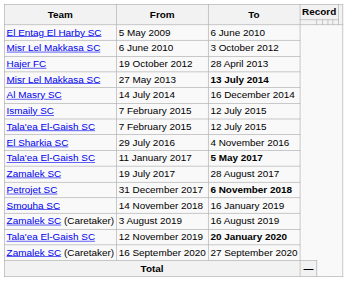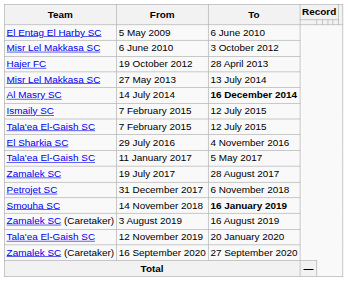 <table class=wikitable style=text-align:center>
 <tr>
 <th rowspan=2>Team</th>
 <th rowspan=2>From</th>
 <th rowspan=2>To</th>
 <th colspan=5>Record</th>
 <th rowspan=2></th>
 </tr>
 <tr>
 <th></th>
 <th></th>
 <th></th>
 <th></th>
 <th></th>
 </tr>
 <tr>
 <td align=left><a href='#'>El Entag El Harby SC</a></td>
 <td align=left>5 May 2009</td>
 <td align=left>6 June 2010<br></td>
 </tr>
 <tr>
 <td align=left><a href='#'>Misr Lel Makkasa SC</a></td>
 <td align=left>6 June 2010</td>
 <td align=left>3 October 2012<br></td>
 </tr>
 <tr>
 <td align=left><a href='#'>Hajer FC</a></td>
 <td align=left>19 October 2012</td>
 <td align=left>28 April 2013<br></td>
 </tr>
 <tr>
 <td align=left><a href='#'>Misr Lel Makkasa SC</a></td>
 <td align=left>27 May 2013</td>
-<td align=left><strong>13 July 2014<br></strong></td>
+<td align=left>13 July 2014<br></td>
 </tr>
 <tr>
 <td align=left><a href='#'>Al Masry SC</a></td>
 <td align=left>14 July 2014</td>
-<td align=left>16 December 2014<br></td>
+<td align=left><strong>16 December 2014<br></strong></td>
 </tr>
 <tr>
 <td align=left><a href='#'>Ismaily SC</a></td>
 <td align=left>7 February 2015</td>
 <td align=left>12 July 2015<br></td>
 </tr>
 <tr>
 <td align=left><a href='#'>Tala'ea El-Gaish SC</a></td>
 <td align=left>7 February 2015</td>
 <td align=left>12 July 2015<br></td>
 </tr>
 <tr>
 <td align=left><a href='#'>El Sharkia SC</a></td>
 <td align=left>29 July 2016</td>
 <td align=left>4 November 2016<br></td>
 </tr>
 <tr>
 <td align=left><a href='#'>Tala'ea El-Gaish SC</a></td>
 <td align=left>11 January 2017</td>
-<td align=left><strong>5 May 2017<br></strong></td>
+<td align=left>5 May 2017<br></td>
 </tr>
 <tr>
 <td align=left><a href='#'>Zamalek SC</a></td>
 <td align=left>19 July 2017</td>
 <td align=left>28 August 2017<br></td>
 </tr>
 <tr>
 <td align=left><a href='#'>Petrojet SC</a></td>
 <td align=left>31 December 2017</td>
-<td align=left><strong>6 November 2018<br></strong></td>
+<td align=left>6 November 2018<br></td>
 </tr>
 <tr>
 <td align=left><a href='#'>Smouha SC</a></td>
 <td align=left>14 November 2018</td>
-<td align=left>16 January 2019<br></td>
+<td align=left><strong>16 January 2019<br></strong></td>
 </tr>
 <tr>
 <td align=left><a href='#'>Zamalek SC</a> (Caretaker)</td>
 <td align=left>3 August 2019</td>
 <td align=left>16 August 2019<br></td>
 </tr>
 <tr>
 <td align=left><a href='#'>Tala'ea El-Gaish SC</a></td>
 <td align=left>12 November 2019</td>
-<td align=left><strong>20 January 2020<br></strong></td>
+<td align=left>20 January 2020<br></td>
 </tr>
 <tr>
 <td align=left><a href='#'>Zamalek SC</a> (Caretaker)</td>
 <td align=left>16 September 2020</td>
 <td align=left>27 September 2020<br></td>
 </tr>
 <tr>
 <th colspan=3>Total<br></th>
 <th>—</th>
 </tr>
 </table>
